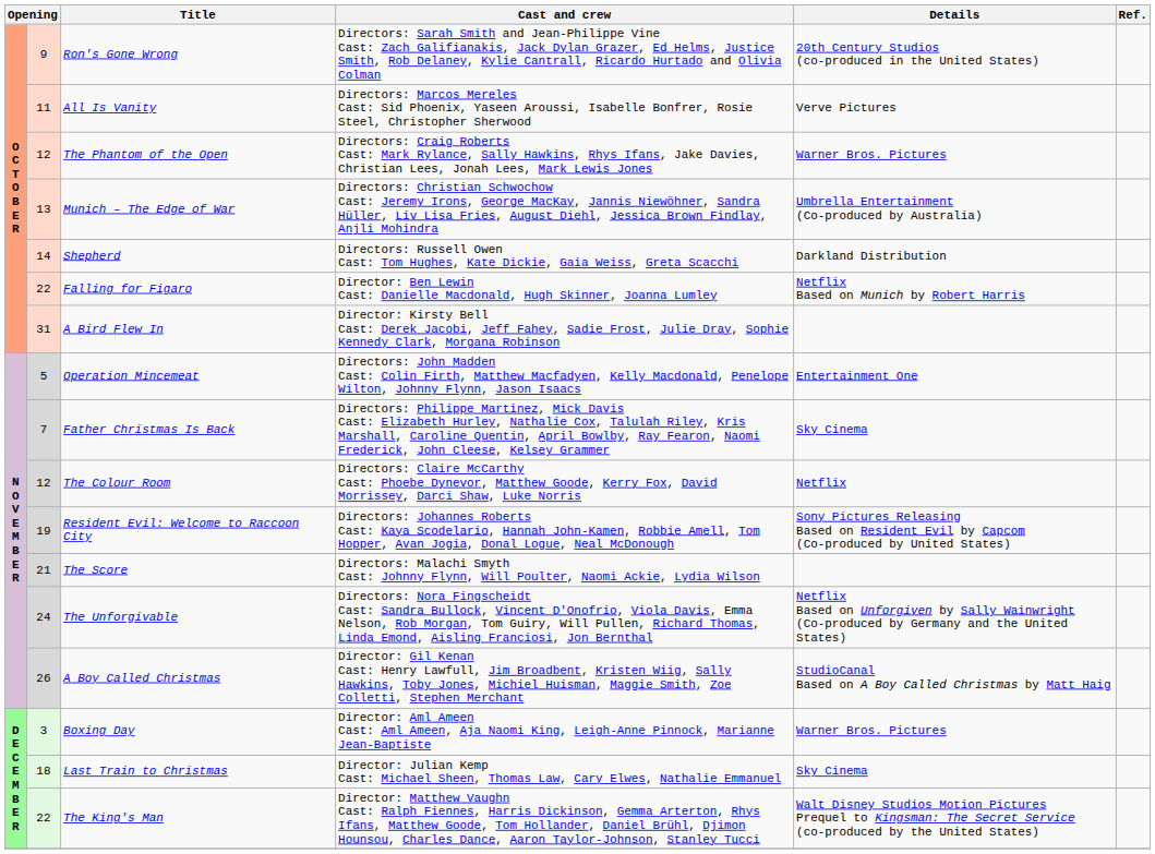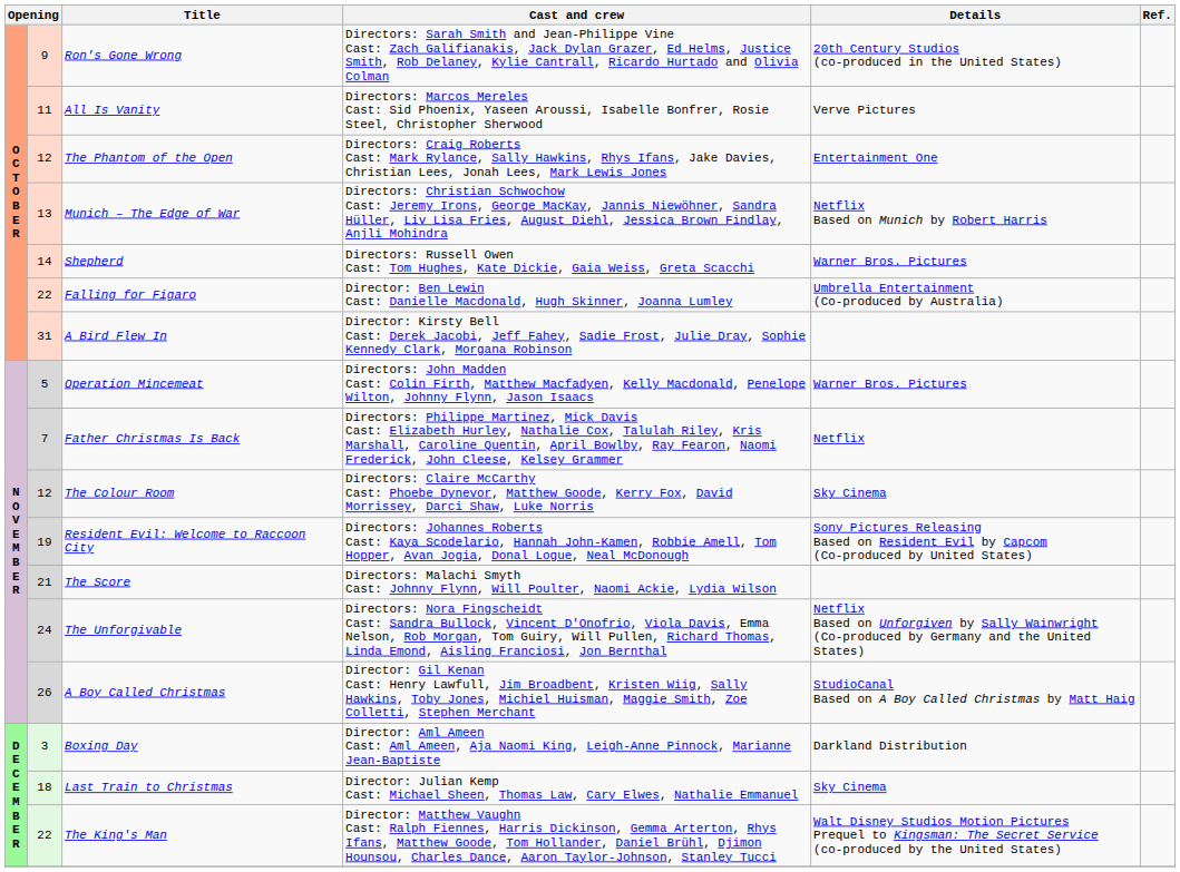 <table class="wikitable">
 <tr style="background:#b0e0e6; text-align:center;">
 <th colspan="2">Opening</th>
 <th style="width:24%;">Title</th>
 <th style="width:40%;">Cast and crew</th>
 <th>Details</th>
 <th style="width:2%;">Ref.</th>
 </tr>
 <tr>
 <th rowspan="7" style="text-align:center; background:#ffa07a; textcolor:#000;">O<br>C<br>T<br>O<br>B<br>E<br>R</th>
 <td rowspan="1" style="text-align:center; background:#ffdacc;">9</td>
 <td><em><a href='#'>Ron's Gone Wrong</a></em></td>
 <td>Directors: <a href='#'>Sarah Smith</a> and Jean-Philippe Vine<br>Cast: <a href='#'>Zach Galifianakis</a>, <a href='#'>Jack Dylan Grazer</a>, <a href='#'>Ed Helms</a>, <a href='#'>Justice Smith</a>, <a href='#'>Rob Delaney</a>, <a href='#'>Kylie Cantrall</a>, <a href='#'>Ricardo Hurtado</a> and <a href='#'>Olivia Colman</a></td>
 <td><a href='#'>20th Century Studios</a><br>(co-produced in the United States)</td>
 <td style="text-align:center"></td>
 </tr>
 <tr>
 <td rowspan="1" style="text-align:center; background:#ffdacc;">11</td>
 <td><em><a href='#'>All Is Vanity</a></em></td>
 <td>Directors: <a href='#'>Marcos Mereles</a><br>Cast: Sid Phoenix, Yaseen Aroussi, Isabelle Bonfrer, Rosie Steel, Christopher Sherwood</td>
 <td>Verve Pictures</td>
 <td></td>
 </tr>
 <tr>
 <td rowspan="1" style="text-align:center; background:#ffdacc;">12</td>
 <td><em><a href='#'>The Phantom of the Open</a></em></td>
 <td>Directors: <a href='#'>Craig Roberts</a> <br> Cast: <a href='#'>Mark Rylance</a>, <a href='#'>Sally Hawkins</a>, <a href='#'>Rhys Ifans</a>, Jake Davies, Christian Lees, Jonah Lees, <a href='#'>Mark Lewis Jones</a></td>
-<td><a href='#'>Warner Bros. Pictures</a></td>
+<td><a href='#'>Entertainment One</a></td>
 <td></td>
 </tr>
 <tr>
 <td rowspan="1" style="text-align:center; background:#ffdacc;">13</td>
 <td><em><a href='#'>Munich – The Edge of War</a></em></td>
 <td>Directors: <a href='#'>Christian Schwochow</a> <br> Cast: <a href='#'>Jeremy Irons</a>, <a href='#'>George MacKay</a>, <a href='#'>Jannis Niewöhner</a>, <a href='#'>Sandra Hüller</a>, <a href='#'>Liv Lisa Fries</a>, <a href='#'>August Diehl</a>, <a href='#'>Jessica Brown Findlay</a>, <a href='#'>Anjli Mohindra</a></td>
-<td><a href='#'>Umbrella Entertainment</a> <br> (Co-produced by Australia)</td>
+<td><a href='#'>Netflix</a> <br> Based on <em>Munich</em> by <a href='#'>Robert Harris</a></td>
 <td style="text-align:center"></td>
 </tr>
 <tr>
 <td rowspan="1" style="text-align:center; background:#ffdacc;">14</td>
 <td><em><a href='#'>Shepherd</a></em></td>
 <td>Directors: Russell Owen<br>Cast: <a href='#'>Tom Hughes</a>, <a href='#'>Kate Dickie</a>, <a href='#'>Gaia Weiss</a>, <a href='#'>Greta Scacchi</a></td>
-<td>Darkland Distribution</td>
+<td><a href='#'>Warner Bros. Pictures</a></td>
 <td style="text-align:center"></td>
 </tr>
 <tr>
 <td rowspan="1" style="text-align:center; background:#ffdacc;">22</td>
 <td><em><a href='#'>Falling for Figaro</a></em></td>
 <td>Director: <a href='#'>Ben Lewin</a> <br> Cast: <a href='#'>Danielle Macdonald</a>, <a href='#'>Hugh Skinner</a>, <a href='#'>Joanna Lumley</a></td>
-<td><a href='#'>Netflix</a> <br> Based on <em>Munich</em> by <a href='#'>Robert Harris</a></td>
+<td><a href='#'>Umbrella Entertainment</a> <br> (Co-produced by Australia)</td>
 <td style="text-align:center"></td>
 </tr>
 <tr>
 <td rowspan="1" style="text-align:center; background:#ffdacc;">31</td>
 <td><em><a href='#'>A Bird Flew In</a></em></td>
 <td>Director: Kirsty Bell <br> Cast: <a href='#'>Derek Jacobi</a>, <a href='#'>Jeff Fahey</a>, <a href='#'>Sadie Frost</a>, <a href='#'>Julie Dray</a>, <a href='#'>Sophie Kennedy Clark</a>, <a href='#'>Morgana Robinson</a></td>
 <td></td>
 <td style="text-align:center"></td>
 </tr>
 <tr>
 <th rowspan="7" style="text-align:center; background:thistle; textcolor:#000;">N<br>O<br>V<br>E<br>M<br>B<br>E<br>R</th>
 <td rowspan="1" style="text-align:center; background:#d8d8d8;">5</td>
 <td><em><a href='#'>Operation Mincemeat</a></em></td>
 <td>Directors: <a href='#'>John Madden</a> <br> Cast: <a href='#'>Colin Firth</a>, <a href='#'>Matthew Macfadyen</a>, <a href='#'>Kelly Macdonald</a>, <a href='#'>Penelope Wilton</a>, <a href='#'>Johnny Flynn</a>, <a href='#'>Jason Isaacs</a></td>
-<td><a href='#'>Entertainment One</a></td>
+<td><a href='#'>Warner Bros. Pictures</a></td>
 <td style="text-align:center"></td>
 </tr>
 <tr>
 <td rowspan="1" style="text-align:center; background:#d8d8d8;">7</td>
 <td><em><a href='#'>Father Christmas Is Back</a></em></td>
 <td>Directors: <a href='#'>Philippe Martinez</a>, <a href='#'>Mick Davis</a> <br> Cast: <a href='#'>Elizabeth Hurley</a>, <a href='#'>Nathalie Cox</a>, <a href='#'>Talulah Riley</a>, <a href='#'>Kris Marshall</a>, <a href='#'>Caroline Quentin</a>, <a href='#'>April Bowlby</a>, <a href='#'>Ray Fearon</a>, <a href='#'>Naomi Frederick</a>, <a href='#'>John Cleese</a>, <a href='#'>Kelsey Grammer</a></td>
-<td><a href='#'>Sky Cinema</a></td>
+<td><a href='#'>Netflix</a></td>
 <td style="text-align:center"></td>
 </tr>
 <tr>
 <td rowspan="1" style="text-align:center; background:#d8d8d8;">12</td>
 <td><em><a href='#'>The Colour Room</a></em></td>
 <td>Directors: <a href='#'>Claire McCarthy</a> <br> Cast: <a href='#'>Phoebe Dynevor</a>, <a href='#'>Matthew Goode</a>, <a href='#'>Kerry Fox</a>, <a href='#'>David Morrissey</a>, <a href='#'>Darci Shaw</a>, <a href='#'>Luke Norris</a></td>
-<td><a href='#'>Netflix</a></td>
+<td><a href='#'>Sky Cinema</a></td>
 <td style="text-align:center"></td>
 </tr>
 <tr>
 <td rowspan="1" style="text-align:center; background:#d8d8d8;">19</td>
 <td><em><a href='#'>Resident Evil: Welcome to Raccoon City</a></em></td>
 <td>Directors: <a href='#'>Johannes Roberts</a> <br> Cast: <a href='#'>Kaya Scodelario</a>, <a href='#'>Hannah John-Kamen</a>, <a href='#'>Robbie Amell</a>, <a href='#'>Tom Hopper</a>, <a href='#'>Avan Jogia</a>, <a href='#'>Donal Logue</a>, <a href='#'>Neal McDonough</a></td>
 <td><a href='#'>Sony Pictures Releasing</a> <br> Based on <a href='#'>Resident Evil</a> by <a href='#'>Capcom</a> <br> (Co-produced by United States)</td>
 <td style="text-align:center"></td>
 </tr>
 <tr>
 <td rowspan="1" style="text-align:center; background:#d8d8d8;">21</td>
 <td><em><a href='#'>The Score</a></em></td>
 <td>Directors: Malachi Smyth <br> Cast: <a href='#'>Johnny Flynn</a>, <a href='#'>Will Poulter</a>, <a href='#'>Naomi Ackie</a>, <a href='#'>Lydia Wilson</a></td>
 <td></td>
 <td></td>
 </tr>
 <tr>
 <td rowspan="1" style="text-align:center; background:#d8d8d8;">24</td>
 <td><em><a href='#'>The Unforgivable</a></em></td>
 <td>Directors: <a href='#'>Nora Fingscheidt</a> <br> Cast: <a href='#'>Sandra Bullock</a>, <a href='#'>Vincent D'Onofrio</a>, <a href='#'>Viola Davis</a>, Emma Nelson, <a href='#'>Rob Morgan</a>, Tom Guiry, Will Pullen, <a href='#'>Richard Thomas</a>, <a href='#'>Linda Emond</a>, <a href='#'>Aisling Franciosi</a>, <a href='#'>Jon Bernthal</a></td>
 <td><a href='#'>Netflix</a> <br> Based on <em><a href='#'>Unforgiven</a></em> by <a href='#'>Sally Wainwright</a> <br> (Co-produced by Germany and the United States)</td>
 <td style="text-align:center"></td>
 </tr>
 <tr>
 <td rowspan="1" style="text-align:center; background:#d8d8d8;">26</td>
 <td><em><a href='#'>A Boy Called Christmas</a></em></td>
 <td>Director: <a href='#'>Gil Kenan</a> <br> Cast: Henry Lawfull, <a href='#'>Jim Broadbent</a>, <a href='#'>Kristen Wiig</a>, <a href='#'>Sally Hawkins</a>, <a href='#'>Toby Jones</a>, <a href='#'>Michiel Huisman</a>, <a href='#'>Maggie Smith</a>, <a href='#'>Zoe Colletti</a>, <a href='#'>Stephen Merchant</a></td>
 <td><a href='#'>StudioCanal</a> <br> Based on <em>A Boy Called Christmas</em> by <a href='#'>Matt Haig</a></td>
 <td style="text-align:center"></td>
 </tr>
 <tr>
 <th rowspan="3" style="text-align:center; background:#98fb98; textcolor:#000;">D<br>E<br>C<br>E<br>M<br>B<br>E<br>R</th>
 <td rowspan="1" style="text-align:center; background:#e0f9e0;">3</td>
 <td><em><a href='#'>Boxing Day</a></em></td>
 <td>Director: <a href='#'>Aml Ameen</a> <br>Cast: <a href='#'>Aml Ameen</a>, <a href='#'>Aja Naomi King</a>, <a href='#'>Leigh-Anne Pinnock</a>, <a href='#'>Marianne Jean-Baptiste</a></td>
-<td><a href='#'>Warner Bros. Pictures</a></td>
+<td>Darkland Distribution</td>
 <td></td>
 </tr>
 <tr>
 <td rowspan="1" style="text-align:center; background:#e0f9e0;">18</td>
 <td><em><a href='#'>Last Train to Christmas</a></em></td>
 <td>Director: Julian Kemp <br>Cast: <a href='#'>Michael Sheen</a>, <a href='#'>Thomas Law</a>, <a href='#'>Cary Elwes</a>, <a href='#'>Nathalie Emmanuel</a></td>
 <td><a href='#'>Sky Cinema</a></td>
 <td></td>
 </tr>
 <tr>
 <td rowspan="1" style="text-align:center; background:#e0f9e0;">22</td>
 <td><em><a href='#'>The King's Man</a></em></td>
 <td>Director: <a href='#'>Matthew Vaughn</a> <br> Cast: <a href='#'>Ralph Fiennes</a>, <a href='#'>Harris Dickinson</a>, <a href='#'>Gemma Arterton</a>, <a href='#'>Rhys Ifans</a>, <a href='#'>Matthew Goode</a>, <a href='#'>Tom Hollander</a>, <a href='#'>Daniel Brühl</a>, <a href='#'>Djimon Hounsou</a>, <a href='#'>Charles Dance</a>, <a href='#'>Aaron Taylor-Johnson</a>, <a href='#'>Stanley Tucci</a></td>
 <td><a href='#'>Walt Disney Studios Motion Pictures</a> <br> Prequel to <em><a href='#'>Kingsman: The Secret Service</a></em> <br> (co-produced by the United States)</td>
 <td style="text-align:center"></td>
 </tr>
 <tr>
 </tr>
 </table>
